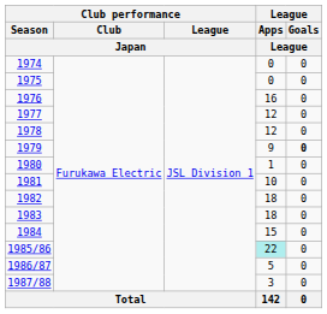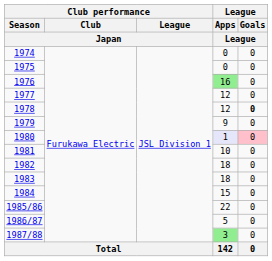 <table class="wikitable" style="text-align:center;">
 <tr>
 <th colspan=3>Club performance</th>
 <th colspan=2>League</th>
 </tr>
 <tr>
 <th>Season</th>
 <th>Club</th>
 <th>League</th>
 <th>Apps</th>
 <th>Goals</th>
 </tr>
 <tr>
 <th colspan=3>Japan</th>
 <th colspan=2>League</th>
 </tr>
 <tr>
 <td><a href='#'>1974</a></td>
 <td rowspan="14"><a href='#'>Furukawa Electric</a></td>
 <td rowspan="14"><a href='#'>JSL Division 1</a></td>
 <td>0</td>
 <td>0</td>
 </tr>
 <tr>
 <td><a href='#'>1975</a></td>
 <td>0</td>
 <td>0</td>
 </tr>
 <tr>
 <td><a href='#'>1976</a></td>
-<td>16</td>
+<td style="background: lightgreen;">16</td>
 <td>0</td>
 </tr>
 <tr>
 <td><a href='#'>1977</a></td>
 <td>12</td>
 <td>0</td>
 </tr>
 <tr>
 <td><a href='#'>1978</a></td>
 <td>12</td>
-<td>0</td>
+<td><strong>0</strong></td>
 </tr>
 <tr>
 <td><a href='#'>1979</a></td>
 <td>9</td>
-<td><strong>0</strong></td>
+<td>0</td>
 </tr>
 <tr>
 <td><a href='#'>1980</a></td>
-<td>1</td>
-<td>0</td>
+<td style="background: lavender;">1</td>
+<td style="background: pink;">0</td>
 </tr>
 <tr>
 <td><a href='#'>1981</a></td>
 <td>10</td>
 <td>0</td>
 </tr>
 <tr>
 <td><a href='#'>1982</a></td>
 <td>18</td>
 <td>0</td>
 </tr>
 <tr>
 <td><a href='#'>1983</a></td>
 <td>18</td>
 <td>0</td>
 </tr>
 <tr>
 <td><a href='#'>1984</a></td>
 <td>15</td>
 <td>0</td>
 </tr>
 <tr>
 <td><a href='#'>1985/86</a></td>
-<td style="background: paleturquoise;">22</td>
+<td>22</td>
 <td>0</td>
 </tr>
 <tr>
 <td><a href='#'>1986/87</a></td>
 <td>5</td>
 <td>0</td>
 </tr>
 <tr>
 <td><a href='#'>1987/88</a></td>
-<td>3</td>
+<td style="background: lightgreen;">3</td>
 <td>0</td>
 </tr>
 <tr>
 <th colspan=3>Total</th>
 <th>142</th>
 <th>0</th>
 </tr>
 </table>
